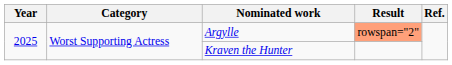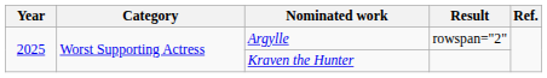 <table class=wikitable>
 <tr>
 <th scope="col" style="width:5em;">Year</th>
 <th scope="col" style="width:26em;">Category</th>
 <th scope="col" style="width:25em;">Nominated work</th>
 <th scope="col" style="width:5em;">Result</th>
 <th>Ref.</th>
 </tr>
 <tr>
 <td style="text-align:center;", rowspan="2"><a href='#'>2025</a></td>
 <td rowspan="2"><a href='#'>Worst Supporting Actress</a></td>
 <td><em><a href='#'>Argylle</a></em></td>
-<td style="background: lightsalmon;">rowspan="2" </td>
+<td>rowspan="2" </td>
 <td style="text-align:center;" rowspan="2"></td>
 </tr>
 <tr>
 <td><em><a href='#'>Kraven the Hunter</a></em></td>
 </tr>
 </table>
